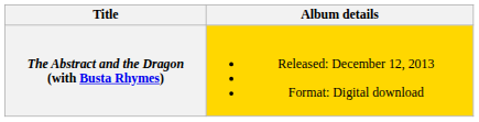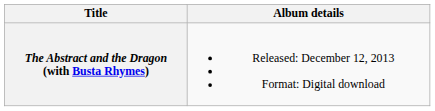 <table class="wikitable plainrowheaders" style="text-align:center;">
 <tr>
 <th scope="col" style="width:15em;">Title</th>
 <th scope="col" style="width:20em;">Album details</th>
 </tr>
 <tr>
 <th scope="row"><em>The Abstract and the Dragon</em><br><span>(with <a href='#'>Busta Rhymes</a>)</span></th>
-<td style="background: gold;"><br><ul><li>Released: December 12, 2013</li><li></li><li>Format: Digital download</li></ul></td>
+<td><br><ul><li>Released: December 12, 2013</li><li></li><li>Format: Digital download</li></ul></td>
 </tr>
 </table>
